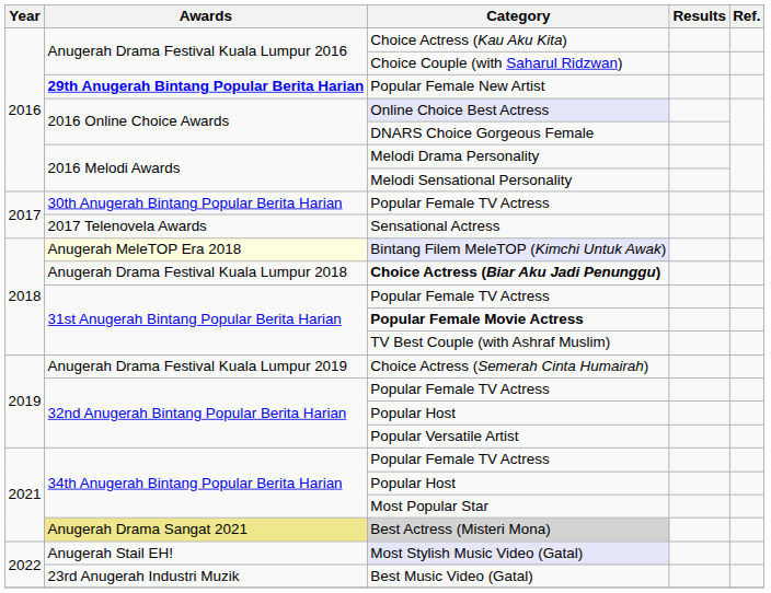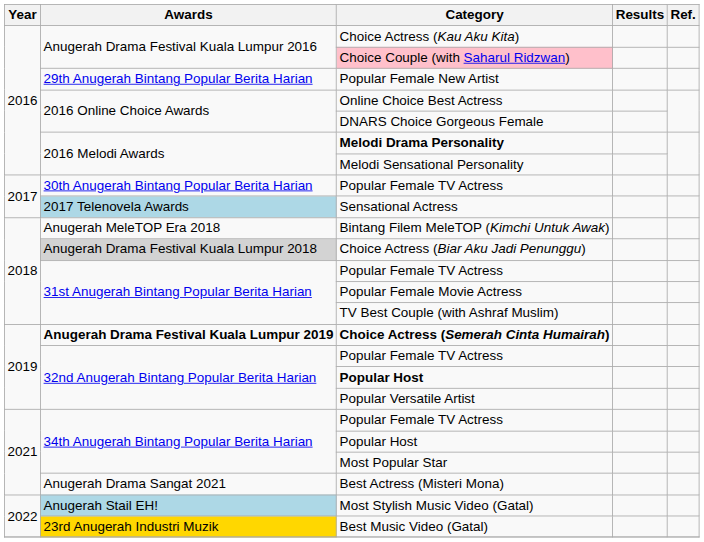 <table class="wikitable">
 <tr>
 <th>Year</th>
 <th>Awards</th>
 <th>Category</th>
 <th>Results</th>
 <th>Ref.</th>
 </tr>
 <tr>
 <td rowspan="7">2016</td>
 <td rowspan="2">Anugerah Drama Festival Kuala Lumpur 2016</td>
 <td>Choice Actress (<em>Kau Aku Kita</em>)</td>
 <td></td>
 <td></td>
 </tr>
 <tr>
-<td>Choice Couple (with <a href='#'>Saharul Ridzwan</a>)</td>
+<td style="background: pink;">Choice Couple (with <a href='#'>Saharul Ridzwan</a>)</td>
 <td></td>
 <td></td>
 </tr>
 <tr>
-<td><strong><a href='#'>29th Anugerah Bintang Popular Berita Harian</a></strong></td>
+<td><a href='#'>29th Anugerah Bintang Popular Berita Harian</a></td>
 <td>Popular Female New Artist</td>
 <td></td>
 <td></td>
 </tr>
 <tr>
 <td rowspan="2">2016 Online Choice Awards</td>
-<td style="background: lavender;">Online Choice Best Actress</td>
+<td>Online Choice Best Actress</td>
 <td></td>
 <td rowspan="2"></td>
 </tr>
 <tr>
 <td>DNARS Choice Gorgeous Female</td>
 <td></td>
 </tr>
 <tr>
 <td rowspan=2>2016 Melodi Awards</td>
-<td>Melodi Drama Personality</td>
+<td><strong>Melodi Drama Personality</strong></td>
 <td></td>
 <td rowspan="2"></td>
 </tr>
 <tr>
 <td>Melodi Sensational Personality</td>
 <td></td>
 </tr>
 <tr>
 <td rowspan="2">2017</td>
 <td><a href='#'>30th Anugerah Bintang Popular Berita Harian</a></td>
 <td>Popular Female TV Actress</td>
 <td></td>
 <td></td>
 </tr>
 <tr>
-<td>2017 Telenovela Awards</td>
+<td style="background: lightblue;">2017 Telenovela Awards</td>
 <td>Sensational Actress</td>
 <td></td>
 <td></td>
 </tr>
 <tr>
 <td rowspan="5">2018</td>
-<td style="background: lightyellow;">Anugerah MeleTOP Era 2018</td>
-<td style="background: lavender;">Bintang Filem MeleTOP (<em>Kimchi Untuk Awak</em>)</td>
+<td>Anugerah MeleTOP Era 2018</td>
+<td>Bintang Filem MeleTOP (<em>Kimchi Untuk Awak</em>)</td>
 <td></td>
 <td></td>
 </tr>
 <tr>
-<td>Anugerah Drama Festival Kuala Lumpur 2018</td>
-<td><strong>Choice Actress (<em>Biar Aku Jadi Penunggu</em>)</strong></td>
+<td style="background: lightgrey;">Anugerah Drama Festival Kuala Lumpur 2018</td>
+<td>Choice Actress (<em>Biar Aku Jadi Penunggu</em>)</td>
 <td></td>
 <td></td>
 </tr>
 <tr>
 <td rowspan=3><a href='#'>31st Anugerah Bintang Popular Berita Harian</a></td>
 <td>Popular Female TV Actress</td>
 <td></td>
 <td></td>
 </tr>
 <tr>
-<td><strong>Popular Female Movie Actress</strong></td>
+<td>Popular Female Movie Actress</td>
 <td></td>
 <td></td>
 </tr>
 <tr>
 <td>TV Best Couple (with Ashraf Muslim)</td>
 <td></td>
 <td></td>
 </tr>
 <tr>
 <td rowspan="4">2019</td>
-<td>Anugerah Drama Festival Kuala Lumpur 2019</td>
-<td>Choice Actress (<em>Semerah Cinta Humairah</em>)</td>
+<td><strong>Anugerah Drama Festival Kuala Lumpur 2019</strong></td>
+<td><strong>Choice Actress (<em>Semerah Cinta Humairah</em>)</strong></td>
 <td></td>
 <td></td>
 </tr>
 <tr>
 <td rowspan=3><a href='#'>32nd Anugerah Bintang Popular Berita Harian</a></td>
 <td>Popular Female TV Actress</td>
 <td></td>
 <td></td>
 </tr>
 <tr>
-<td>Popular Host</td>
+<td><strong>Popular Host</strong></td>
 <td></td>
 <td></td>
 </tr>
 <tr>
 <td>Popular Versatile Artist</td>
 <td></td>
 <td></td>
 </tr>
 <tr>
 <td rowspan=4>2021</td>
 <td rowspan=3><a href='#'>34th Anugerah Bintang Popular Berita Harian</a></td>
 <td>Popular Female TV Actress</td>
 <td></td>
 <td></td>
 </tr>
 <tr>
 <td>Popular Host</td>
 <td></td>
 <td></td>
 </tr>
 <tr>
 <td>Most Popular Star</td>
 <td></td>
 <td></td>
 </tr>
 <tr>
-<td style="background: khaki;">Anugerah Drama Sangat 2021</td>
-<td style="background: lightgrey;">Best Actress (Misteri Mona)</td>
+<td>Anugerah Drama Sangat 2021</td>
+<td>Best Actress (Misteri Mona)</td>
 <td></td>
 <td></td>
 </tr>
 <tr>
 <td rowspan="2">2022</td>
-<td rowspan="1">Anugerah Stail EH!</td>
-<td style="background: lavender;">Most Stylish Music Video (Gatal)</td>
+<td rowspan="1" style="background: lightblue;">Anugerah Stail EH!</td>
+<td>Most Stylish Music Video (Gatal)</td>
 <td></td>
 <td></td>
 </tr>
 <tr>
-<td rowspan="1">23rd Anugerah Industri Muzik</td>
+<td rowspan="1" style="background: gold;">23rd Anugerah Industri Muzik</td>
 <td>Best Music Video (Gatal)</td>
 <td></td>
 <td></td>
 </tr>
 <tr>
 </tr>
 </table>
